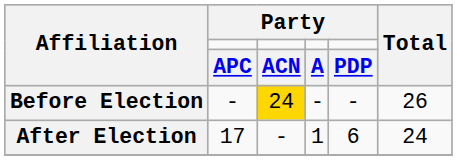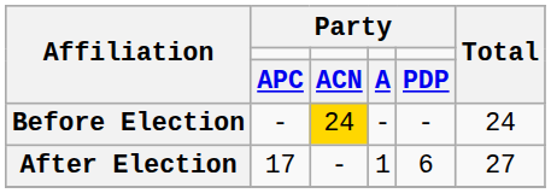 <table class="wikitable" style="text-align:center">
 <tr>
 <th rowspan="3">Affiliation</th>
 <th colspan="4">Party</th>
 <th rowspan="3">Total</th>
 </tr>
 <tr>
 <td style="background-color:"></td>
 <td style="background-color:"></td>
 <td style="background-color:"></td>
 <td style="background-color:"></td>
 </tr>
 <tr>
 <th><a href='#'>APC</a></th>
 <th><a href='#'>ACN</a></th>
 <th><a href='#'>A</a></th>
 <th><a href='#'>PDP</a></th>
 </tr>
 <tr>
 <th>Before Election</th>
 <td>-</td>
 <td style="background: gold;">24</td>
 <td>-</td>
 <td>-</td>
-<td>26</td>
+<td>24</td>
 </tr>
 <tr>
 <th>After Election</th>
 <td>17</td>
 <td>-</td>
 <td>1</td>
 <td>6</td>
-<td>24</td>
+<td>27</td>
 </tr>
 <tr>
 </tr>
 </table>
